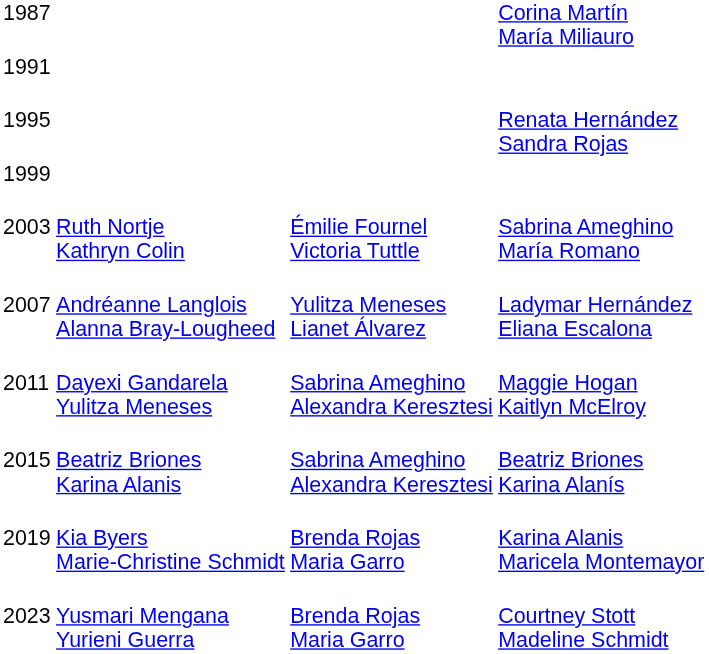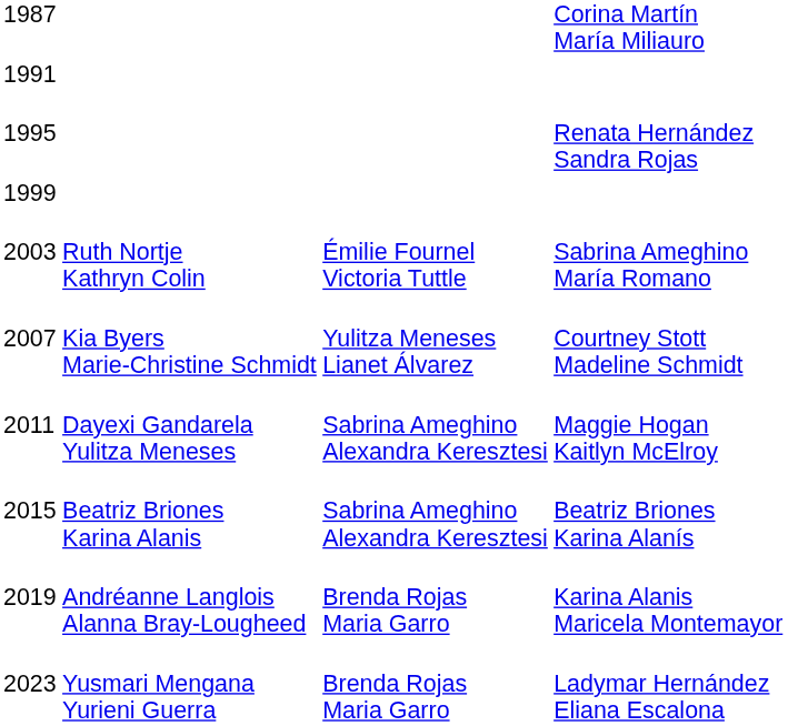 <table>
 <tr>
 <td>1987<br></td>
 <td></td>
 <td></td>
 <td><br><a href='#'>Corina Martín</a><br><a href='#'>María Miliauro</a></td>
 </tr>
 <tr>
 <td>1991<br></td>
 <td></td>
 <td></td>
 <td></td>
 </tr>
 <tr>
 <td>1995<br></td>
 <td></td>
 <td></td>
 <td><br><a href='#'>Renata Hernández</a><br><a href='#'>Sandra Rojas</a></td>
 </tr>
 <tr>
 <td>1999<br></td>
 <td></td>
 <td></td>
 <td></td>
 </tr>
 <tr>
 <td>2003</td>
 <td><br><a href='#'>Ruth Nortje</a><br><a href='#'>Kathryn Colin</a></td>
 <td><br><a href='#'>Émilie Fournel</a><br><a href='#'>Victoria Tuttle</a></td>
 <td><br><a href='#'>Sabrina Ameghino</a><br><a href='#'>María Romano</a></td>
 </tr>
 <tr>
 <td>2007</td>
-<td><br><a href='#'>Andréanne Langlois</a><br><a href='#'>Alanna Bray-Lougheed</a></td>
+<td><br> <a href='#'>Kia Byers</a><br> <a href='#'>Marie-Christine Schmidt</a></td>
 <td><br> <a href='#'>Yulitza Meneses</a><br> <a href='#'>Lianet Álvarez</a></td>
-<td><br> <a href='#'>Ladymar Hernández</a><br> <a href='#'>Eliana Escalona</a></td>
+<td><br><a href='#'>Courtney Stott</a><br><a href='#'>Madeline Schmidt</a></td>
 </tr>
 <tr>
 <td>2011<br></td>
 <td><br><a href='#'>Dayexi Gandarela</a><br><a href='#'>Yulitza Meneses</a></td>
 <td><br><a href='#'>Sabrina Ameghino</a><br><a href='#'>Alexandra Keresztesi</a></td>
 <td><br><a href='#'>Maggie Hogan</a><br><a href='#'>Kaitlyn McElroy</a></td>
 </tr>
 <tr>
 <td>2015<br></td>
 <td><br><a href='#'>Beatriz Briones</a><br><a href='#'>Karina Alanis</a></td>
 <td><br><a href='#'>Sabrina Ameghino</a><br><a href='#'>Alexandra Keresztesi</a></td>
 <td><br><a href='#'>Beatriz Briones</a><br><a href='#'>Karina Alanís</a></td>
 </tr>
 <tr>
 <td>2019<br></td>
-<td><br> <a href='#'>Kia Byers</a><br> <a href='#'>Marie-Christine Schmidt</a></td>
+<td><br><a href='#'>Andréanne Langlois</a><br><a href='#'>Alanna Bray-Lougheed</a></td>
 <td><br><a href='#'>Brenda Rojas</a><br><a href='#'>Maria Garro</a></td>
 <td><br><a href='#'>Karina Alanis</a><br><a href='#'>Maricela Montemayor</a></td>
 </tr>
 <tr>
 <td>2023<br></td>
 <td><br><a href='#'>Yusmari Mengana</a><br><a href='#'>Yurieni Guerra</a></td>
 <td><br><a href='#'>Brenda Rojas</a><br><a href='#'>Maria Garro</a></td>
-<td><br><a href='#'>Courtney Stott</a><br><a href='#'>Madeline Schmidt</a></td>
+<td><br> <a href='#'>Ladymar Hernández</a><br> <a href='#'>Eliana Escalona</a></td>
 </tr>
 </table>
